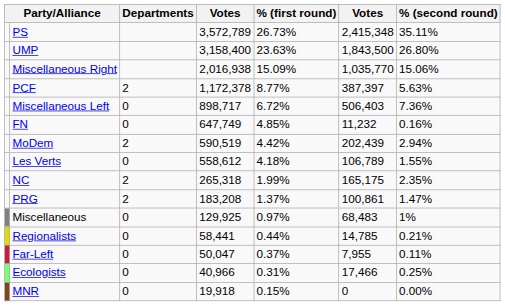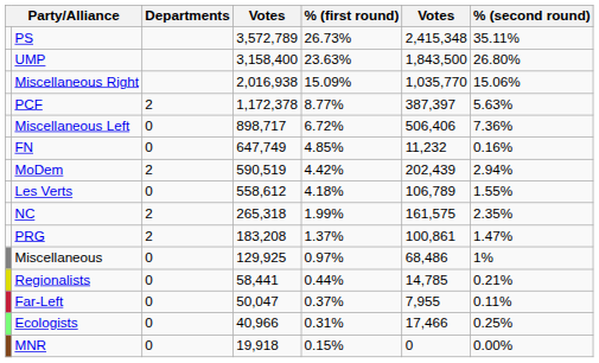 <table class="wikitable">
 <tr bgcolor=lightgrey>
 <th colspan=2>Party/Alliance</th>
 <th>Departments</th>
 <th>Votes</th>
 <th>% (first round)</th>
 <th>Votes</th>
 <th>% (second round)</th>
 </tr>
 <tr>
 <td style="color:inherit;background:"></td>
 <td><a href='#'>PS</a></td>
 <td></td>
 <td>3,572,789</td>
 <td>26.73%</td>
 <td>2,415,348</td>
 <td>35.11%</td>
 </tr>
 <tr>
 <td style="color:inherit;background:"></td>
 <td><a href='#'>UMP</a></td>
 <td></td>
 <td>3,158,400</td>
 <td>23.63%</td>
 <td>1,843,500</td>
 <td>26.80%</td>
 </tr>
 <tr>
 <td style="color:inherit;background:"></td>
 <td><a href='#'>Miscellaneous Right</a></td>
 <td></td>
 <td>2,016,938</td>
 <td>15.09%</td>
 <td>1,035,770</td>
 <td>15.06%</td>
 </tr>
 <tr>
 <td style="color:inherit;background:"></td>
 <td><a href='#'>PCF</a></td>
 <td>2</td>
 <td>1,172,378</td>
 <td>8.77%</td>
 <td>387,397</td>
 <td>5.63%</td>
 </tr>
 <tr>
 <td style="color:inherit;background:"></td>
 <td><a href='#'>Miscellaneous Left</a></td>
 <td>0</td>
 <td>898,717</td>
 <td>6.72%</td>
-<td>506,403</td>
+<td>506,406</td>
 <td>7.36%</td>
 </tr>
 <tr>
 <td style="color:inherit;background:"></td>
 <td><a href='#'>FN</a></td>
 <td>0</td>
 <td>647,749</td>
 <td>4.85%</td>
 <td>11,232</td>
 <td>0.16%</td>
 </tr>
 <tr>
 <td style="color:inherit;background:"></td>
 <td><a href='#'>MoDem</a></td>
 <td>2</td>
 <td>590,519</td>
 <td>4.42%</td>
 <td>202,439</td>
 <td>2.94%</td>
 </tr>
 <tr>
 <td style="color:inherit;background:"></td>
 <td><a href='#'>Les Verts</a></td>
 <td>0</td>
 <td>558,612</td>
 <td>4.18%</td>
 <td>106,789</td>
 <td>1.55%</td>
 </tr>
 <tr>
 <td style="color:inherit;background:"></td>
 <td><a href='#'>NC</a></td>
 <td>2</td>
 <td>265,318</td>
 <td>1.99%</td>
-<td>165,175</td>
+<td>161,575</td>
 <td>2.35%</td>
 </tr>
 <tr>
 <td style="color:inherit;background:"></td>
 <td><a href='#'>PRG</a></td>
 <td>2</td>
 <td>183,208</td>
 <td>1.37%</td>
 <td>100,861</td>
 <td>1.47%</td>
 </tr>
 <tr>
 <td bgcolor="gray"></td>
 <td>Miscellaneous</td>
 <td>0</td>
 <td>129,925</td>
 <td>0.97%</td>
-<td>68,483</td>
+<td>68,486</td>
 <td>1%</td>
 </tr>
 <tr>
 <td style="color:inherit;background:#dddd00"></td>
 <td><a href='#'>Regionalists</a></td>
 <td>0</td>
 <td>58,441</td>
 <td>0.44%</td>
 <td>14,785</td>
 <td>0.21%</td>
 </tr>
 <tr>
 <td style="color:inherit;background:#C41E3A"></td>
 <td><a href='#'>Far-Left</a></td>
 <td>0</td>
 <td>50,047</td>
 <td>0.37%</td>
 <td>7,955</td>
 <td>0.11%</td>
 </tr>
 <tr>
 <td style="color:inherit;background:#77ff77"></td>
 <td><a href='#'>Ecologists</a></td>
 <td>0</td>
 <td>40,966</td>
 <td>0.31%</td>
 <td>17,466</td>
 <td>0.25%</td>
 </tr>
 <tr>
 <td style="color:inherit;background:#80461B"></td>
 <td><a href='#'>MNR</a></td>
 <td>0</td>
 <td>19,918</td>
 <td>0.15%</td>
 <td>0</td>
 <td>0.00%</td>
 </tr>
 </table>
